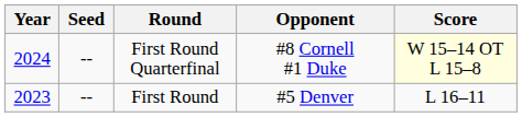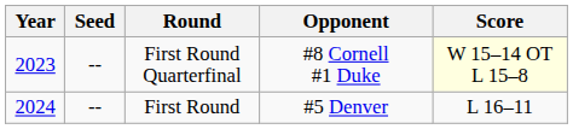 <table class="wikitable">
 <tr>
 <th style="width:40px; ">Year</th>
 <th style="width:40px; ">Seed</th>
 <th style="width:100px; ">Round</th>
 <th style="width:130px; ">Opponent</th>
 <th style="width:100px; ">Score</th>
 </tr>
 <tr align="center">
-<td><a href='#'>2024</a></td>
+<td><a href='#'>2023</a></td>
 <td>--</td>
 <td>First Round<br>Quarterfinal</td>
 <td>#8 <a href='#'>Cornell</a><br>#1 <a href='#'>Duke</a></td>
 <td style="background: lightyellow;">W 15–14 OT<br> L 15–8</td>
 </tr>
 <tr align="center">
-<td><a href='#'>2023</a></td>
+<td><a href='#'>2024</a></td>
 <td>--</td>
 <td>First Round</td>
 <td>#5 <a href='#'>Denver</a></td>
 <td>L 16–11</td>
 </tr>
 </table>
